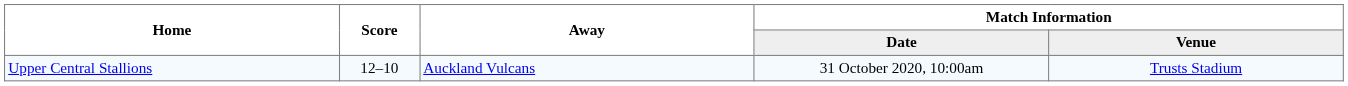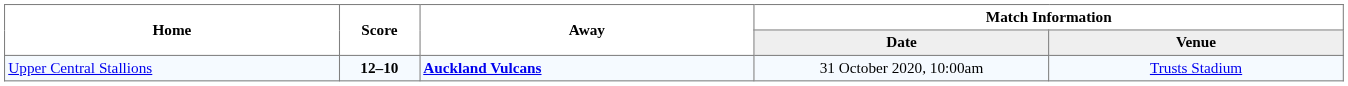 <table width="100%" cellspacing="0" cellpadding="3" border="1" style="border-collapse:collapse; font-size:90%; text-align:center;">
 <tr>
 <th rowspan="2" width="25%">Home</th>
 <th rowspan="2" width="6%">Score</th>
 <th rowspan="2" width="25%">Away</th>
 <th colspan="6">Match Information</th>
 </tr>
 <tr bgcolor="#EFEFEF">
 <th width="22%">Date</th>
 <th width="22%">Venue</th>
 </tr>
 <tr bgcolor="#F5FAFF">
 <td align="left"><a href='#'>Upper Central Stallions</a></td>
-<td>12–10</td>
-<td align="left"><a href='#'>Auckland Vulcans</a></td>
+<td><strong>12–10</strong></td>
+<td align="left"><strong><a href='#'>Auckland Vulcans</a></strong></td>
 <td>31 October 2020, 10:00am</td>
 <td><a href='#'>Trusts Stadium</a></td>
 </tr>
 </table>
